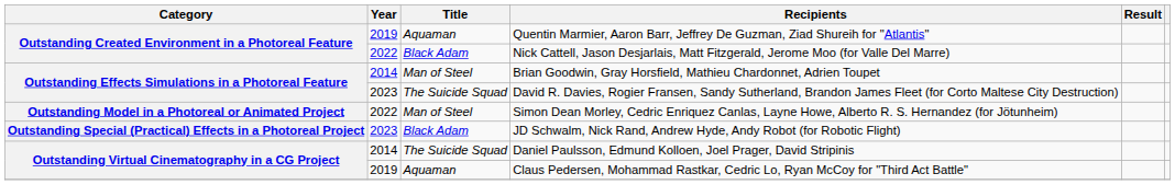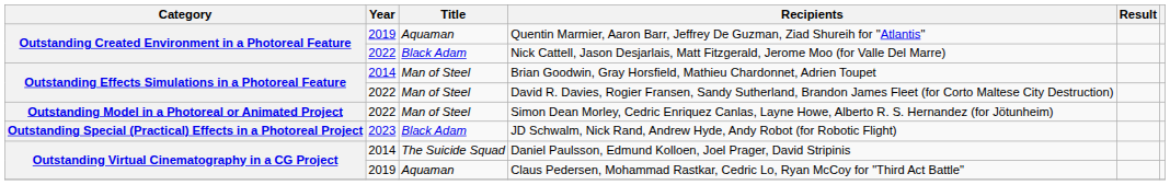 <table class="wikitable plainrowheaders">
 <tr>
 <th scope="col">Category</th>
 <th scope="col">Year</th>
 <th scope="col">Title</th>
 <th scope="col">Recipients</th>
 <th scope="col">Result</th>
 <th scope="col" class="unsortable"></th>
 </tr>
 <tr>
 <th rowspan="2" scope="rowgroup"><a href='#'>Outstanding Created Environment in a Photoreal Feature</a></th>
 <td><a href='#'>2019</a></td>
 <td><em>Aquaman</em></td>
 <td>Quentin Marmier, Aaron Barr, Jeffrey De Guzman, Ziad Shureih for "<a href='#'>Atlantis</a>"</td>
 <td></td>
 <td style="text-align:center;"></td>
 </tr>
 <tr>
 <td><a href='#'>2022</a></td>
 <td><em><a href='#'>Black Adam</a></em></td>
 <td>Nick Cattell, Jason Desjarlais, Matt Fitzgerald, Jerome Moo (for Valle Del Marre)</td>
 <td></td>
 <td style="text-align:center;"></td>
 </tr>
 <tr>
 <th rowspan="2" scope="rowgroup"><a href='#'>Outstanding Effects Simulations in a Photoreal Feature</a></th>
 <td><a href='#'>2014</a></td>
 <td><em>Man of Steel</em></td>
 <td>Brian Goodwin, Gray Horsfield, Mathieu Chardonnet, Adrien Toupet</td>
 <td></td>
 <td style="text-align:center;"></td>
 </tr>
 <tr>
-<td>2023</td>
-<td><em>The Suicide Squad</em></td>
+<td>2022</td>
+<td><em>Man of Steel</em></td>
 <td>David R. Davies, Rogier Fransen, Sandy Sutherland, Brandon James Fleet (for Corto Maltese City Destruction)</td>
 <td></td>
 <td style="text-align:center;"></td>
 </tr>
 <tr>
 <th scope="row"><a href='#'>Outstanding Model in a Photoreal or Animated Project</a></th>
 <td>2022</td>
 <td><em>Man of Steel</em></td>
 <td>Simon Dean Morley, Cedric Enriquez Canlas, Layne Howe, Alberto R. S. Hernandez (for Jötunheim)</td>
 <td></td>
 <td style="text-align:center;"></td>
 </tr>
 <tr>
 <th scope="row"><a href='#'>Outstanding Special (Practical) Effects in a Photoreal Project</a></th>
 <td><a href='#'>2023</a></td>
 <td><em><a href='#'>Black Adam</a></em></td>
 <td>JD Schwalm, Nick Rand, Andrew Hyde, Andy Robot (for Robotic Flight)</td>
 <td></td>
 <td style="text-align:center;"></td>
 </tr>
 <tr>
 <th rowspan="2" scope="rowgroup"><a href='#'>Outstanding Virtual Cinematography in a CG Project</a></th>
 <td>2014</td>
 <td><em>The Suicide Squad</em></td>
 <td>Daniel Paulsson, Edmund Kolloen, Joel Prager, David Stripinis</td>
 <td></td>
 <td style="text-align:center;"></td>
 </tr>
 <tr>
 <td>2019</td>
 <td><em>Aquaman</em></td>
 <td>Claus Pedersen, Mohammad Rastkar, Cedric Lo, Ryan McCoy for "Third Act Battle"</td>
 <td></td>
 <td style="text-align:center;"></td>
 </tr>
 <tr>
 </tr>
 </table>
